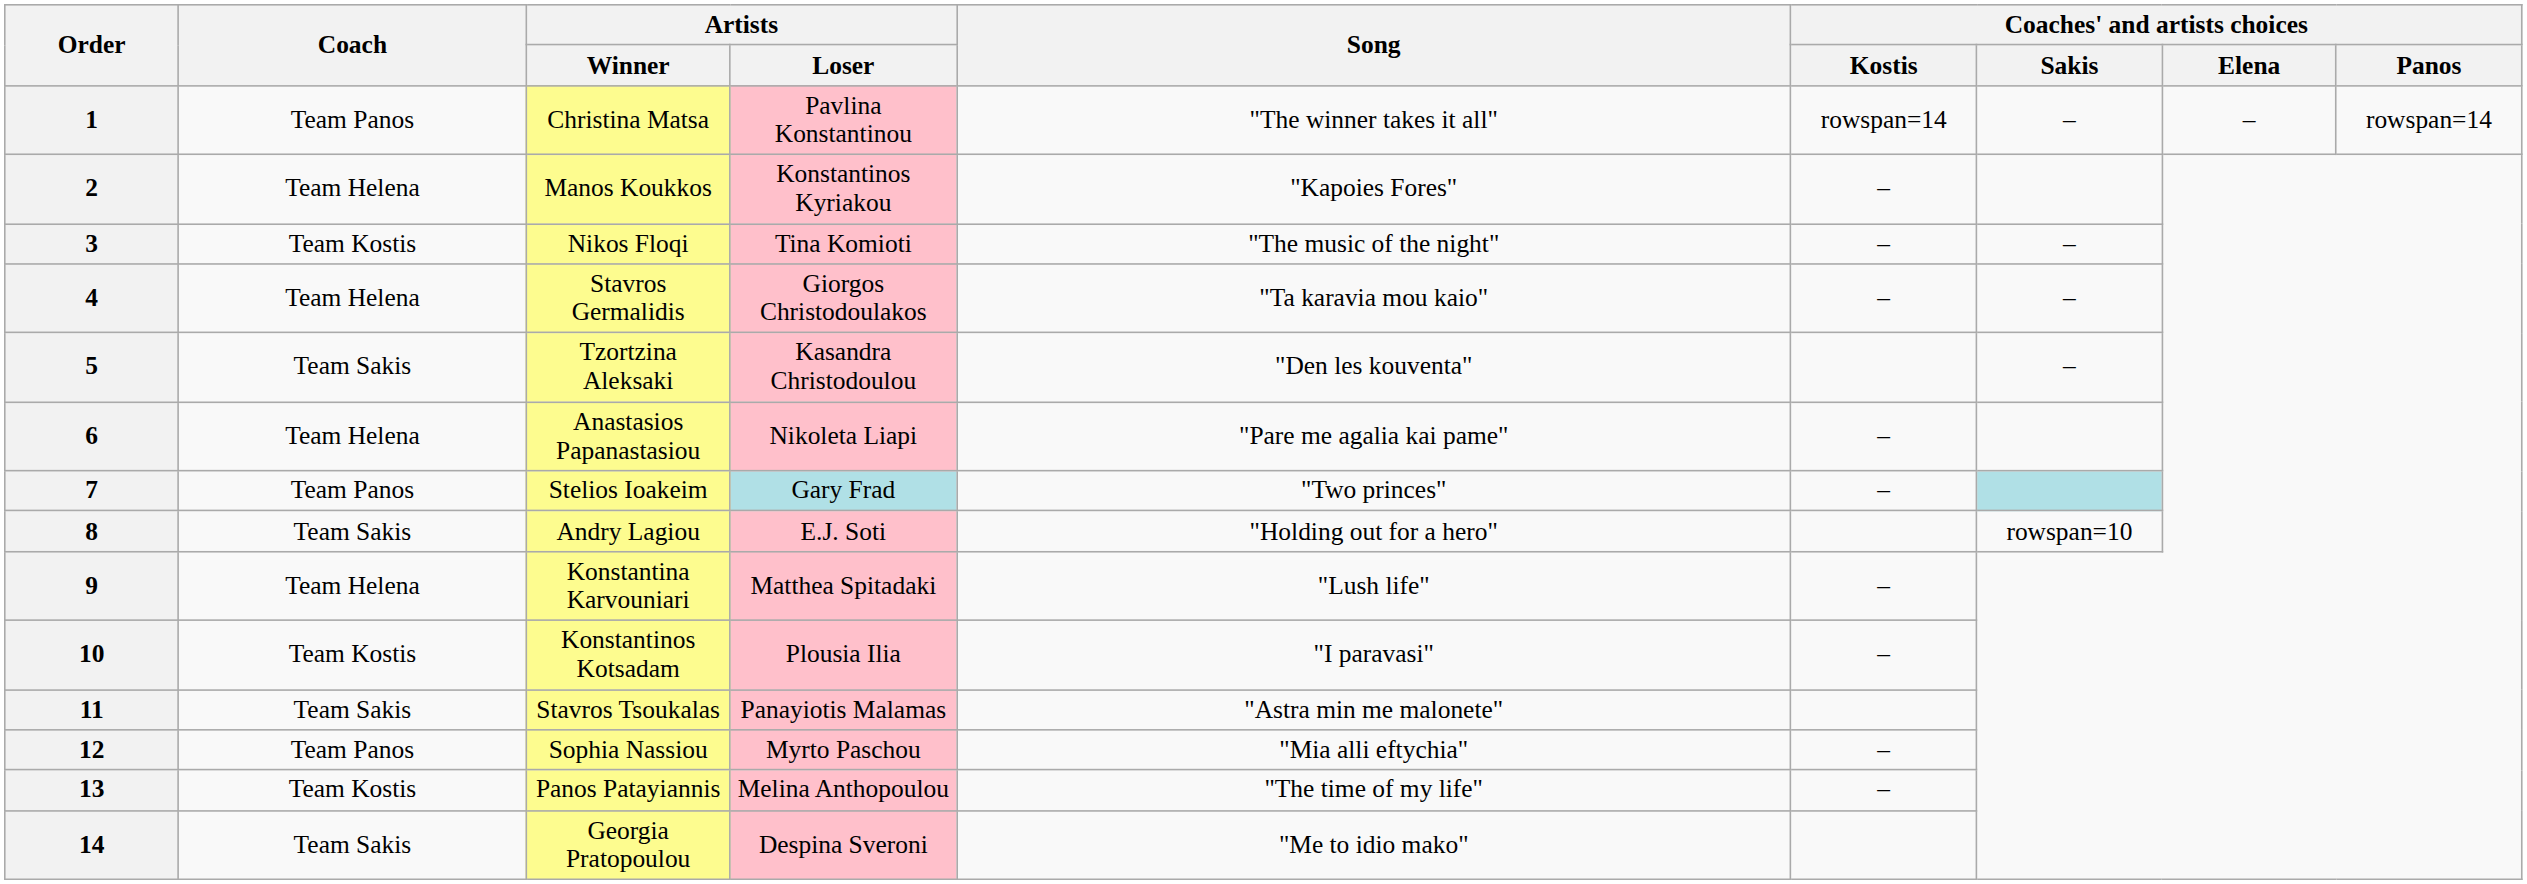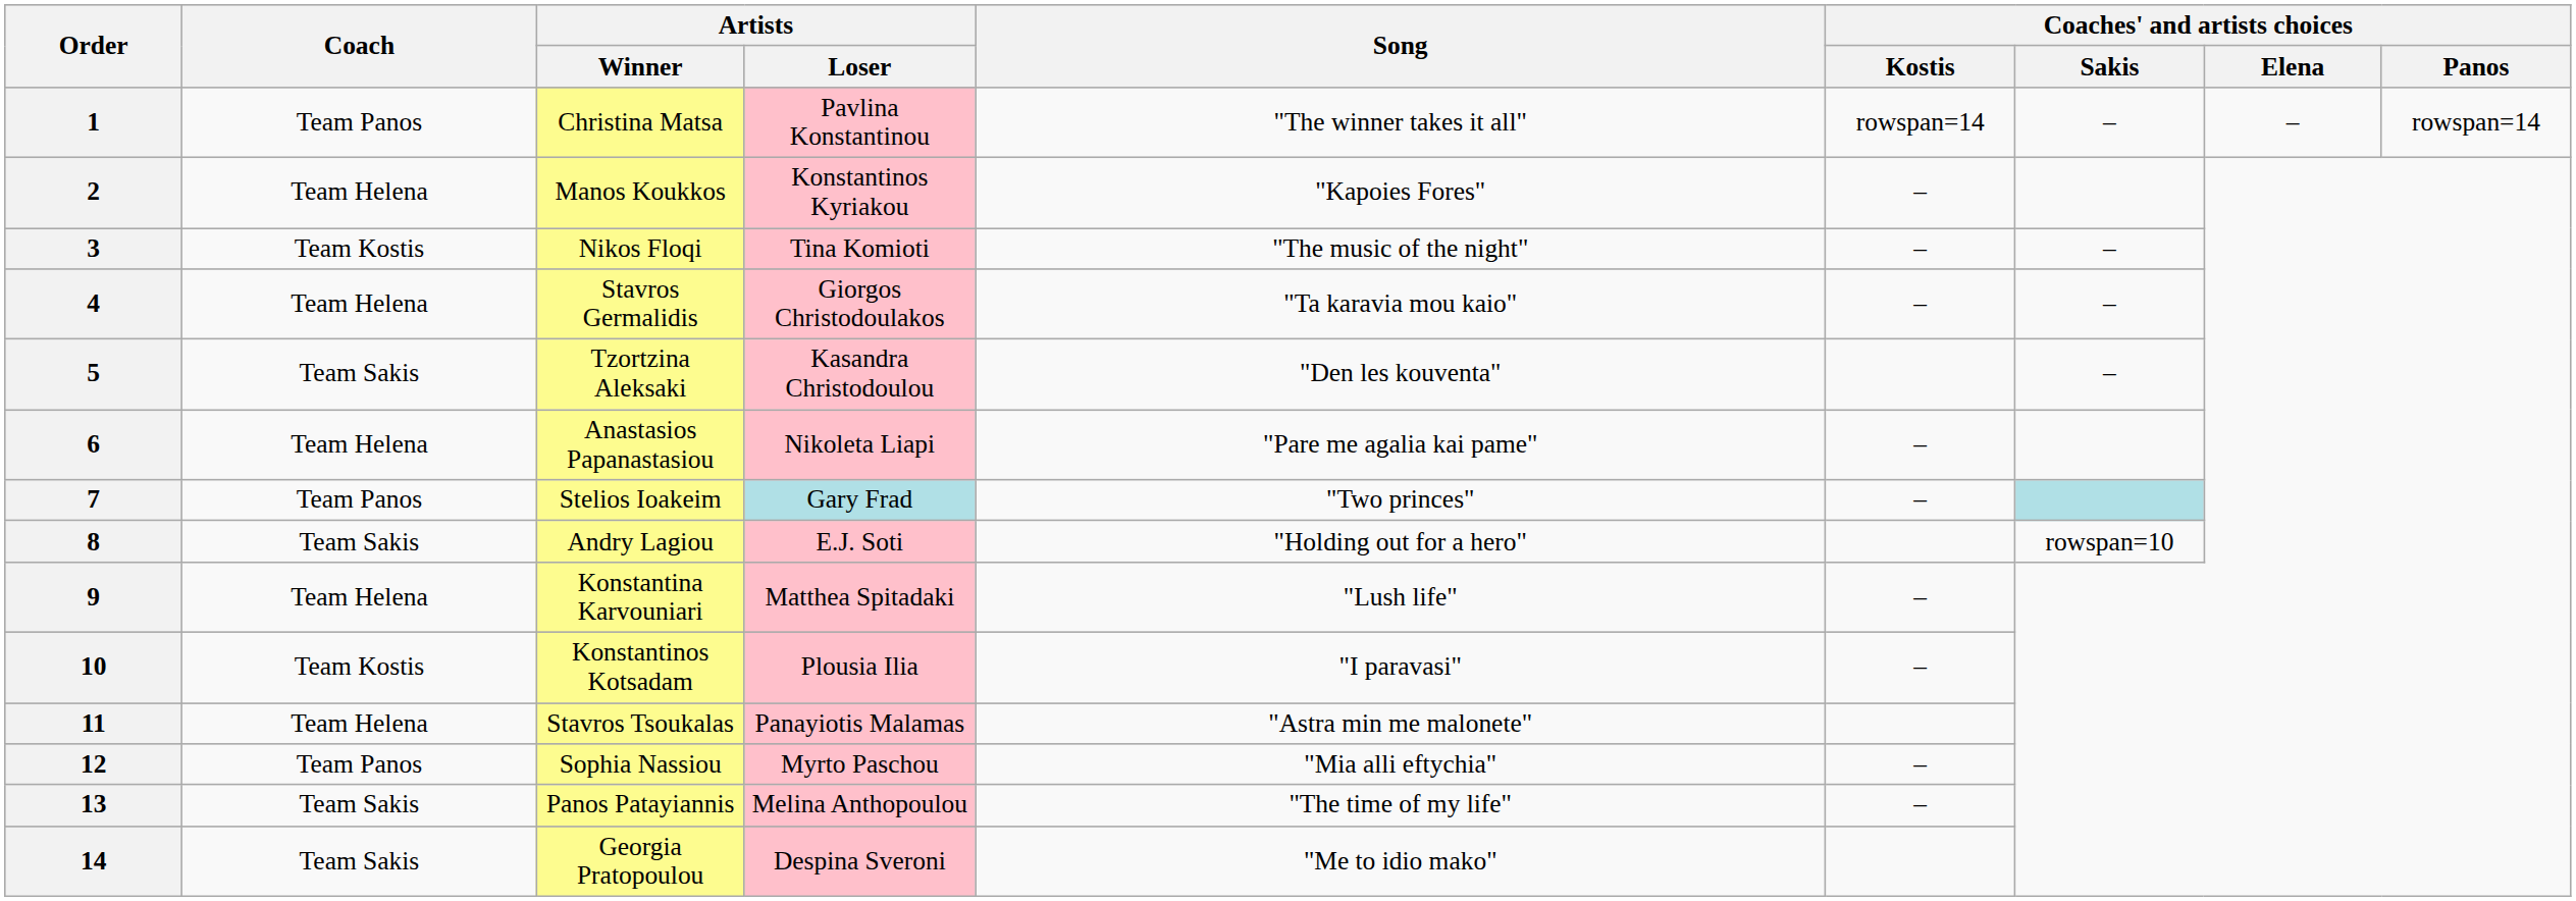 <table class="wikitable" style="text-align:center; width:100%;">
 <tr>
 <th scope="col" style="width:05%;" rowspan="2">Order</th>
 <th scope="col" style="width:10%;" rowspan="2">Coach</th>
 <th scope="col" style="width:26%;" colspan="2">Artists</th>
 <th scope="col" style="width:24%;" rowspan="2">Song</th>
 <th scope="col" style="width:20%;" colspan="4">Coaches' and artists choices</th>
 </tr>
 <tr>
 <th style="width:05%;">Winner</th>
 <th style="width:05%;">Loser</th>
 <th style="width:05%;">Kostis</th>
 <th style="width:05%;">Sakis</th>
 <th style="width:05%;">Elena</th>
 <th style="width:05%;">Panos</th>
 </tr>
 <tr>
 <th scope="col">1</th>
 <td>Team Panos</td>
 <td style="background:#fdfc8f;text-align:center;">Christina Matsa</td>
 <td style="background:pink;text-align:center;">Pavlina Konstantinou</td>
 <td>"The winner takes it all"</td>
 <td>rowspan=14 </td>
 <td>–</td>
 <td>–</td>
 <td>rowspan=14 </td>
 </tr>
 <tr>
 <th scope="col">2</th>
 <td>Team Helena</td>
 <td style="background:#fdfc8f;text-align:center;">Manos Koukkos</td>
 <td style="background:pink;text-align:center;">Konstantinos Kyriakou</td>
 <td>"Kapoies Fores"</td>
 <td>–</td>
 <td></td>
 </tr>
 <tr>
 <th scope="col">3</th>
 <td>Team Kostis</td>
 <td style="background:#fdfc8f;text-align:center;">Nikos Floqi</td>
 <td style="background:pink;text-align:center;">Tina Komioti</td>
 <td>"The music of the night"</td>
 <td>–</td>
 <td>–</td>
 </tr>
 <tr>
 <th scope="col">4</th>
 <td>Team Helena</td>
 <td style="background:#fdfc8f;text-align:center;">Stavros Germalidis</td>
 <td style="background:pink;text-align:center;">Giorgos Christodoulakos</td>
 <td>"Ta karavia mou kaio"</td>
 <td>–</td>
 <td>–</td>
 </tr>
 <tr>
 <th scope="col">5</th>
 <td>Team Sakis</td>
 <td style="background:#fdfc8f;text-align:center;">Tzortzina Aleksaki</td>
 <td style="background:pink;text-align:center;">Kasandra Christodoulou</td>
 <td>"Den les kouventa"</td>
 <td></td>
 <td>–</td>
 </tr>
 <tr>
 <th scope="col">6</th>
 <td>Team Helena</td>
 <td style="background:#fdfc8f;text-align:center;">Anastasios Papanastasiou</td>
 <td style="background:pink;text-align:center;">Nikoleta Liapi</td>
 <td>"Pare me agalia kai pame"</td>
 <td>–</td>
 <td></td>
 </tr>
 <tr>
 <th scope="col">7</th>
 <td>Team Panos</td>
 <td style="background:#fdfc8f;text-align:center;">Stelios Ioakeim</td>
 <td style="background:#b0e0e6;text-align:center;">Gary Frad</td>
 <td>"Two princes"</td>
 <td>–</td>
 <td style="background:#b0e0e6;"></td>
 </tr>
 <tr>
 <th scope="col">8</th>
 <td>Team Sakis</td>
 <td style="background:#fdfc8f;text-align:center;">Andry Lagiou</td>
 <td style="background:pink;text-align:center;">E.J. Soti</td>
 <td>"Holding out for a hero"</td>
 <td></td>
 <td>rowspan=10 </td>
 </tr>
 <tr>
 <th scope="col">9</th>
 <td>Team Helena</td>
 <td style="background:#fdfc8f;text-align:center;">Konstantina Karvouniari</td>
 <td style="background:pink;text-align:center;">Matthea Spitadaki</td>
 <td>"Lush life"</td>
 <td>–</td>
 </tr>
 <tr>
 <th scope="col">10</th>
 <td>Team Kostis</td>
 <td style="background:#fdfc8f;text-align:center;">Konstantinos Kotsadam</td>
 <td style="background:pink;text-align:center;">Plousia Ilia</td>
 <td>"I paravasi"</td>
 <td>–</td>
 </tr>
 <tr>
 <th scope="col">11</th>
-<td>Team Sakis</td>
+<td>Team Helena</td>
 <td style="background:#fdfc8f;text-align:center;">Stavros Tsoukalas</td>
 <td style="background:pink;text-align:center;">Panayiotis Malamas</td>
 <td>"Astra min me malonete"</td>
 <td></td>
 </tr>
 <tr>
 <th scope="col">12</th>
 <td>Team Panos</td>
 <td style="background:#fdfc8f;text-align:center;">Sophia Nassiou</td>
 <td style="background:pink;text-align:center;">Myrto Paschou</td>
 <td>"Mia alli eftychia"</td>
 <td>–</td>
 </tr>
 <tr>
 <th scope="col">13</th>
-<td>Team Kostis</td>
+<td>Team Sakis</td>
 <td style="background:#fdfc8f;text-align:center;">Panos Patayiannis</td>
 <td style="background:pink;text-align:center;">Melina Anthopoulou</td>
 <td>"The time of my life"</td>
 <td>–</td>
 </tr>
 <tr>
 <th scope="col">14</th>
 <td>Team Sakis</td>
 <td style="background:#fdfc8f;text-align:center;">Georgia Pratopoulou</td>
 <td style="background:pink;text-align:center;">Despina Sveroni</td>
 <td>"Me to idio mako"</td>
 <td></td>
 </tr>
 </table>
